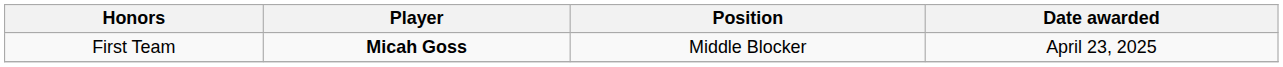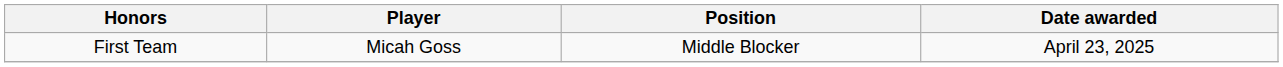 <table class="wikitable" style="width: 90%;text-align: center;">
 <tr>
 <th style=>Honors</th>
 <th style=>Player</th>
 <th style=>Position</th>
 <th style=>Date awarded</th>
 </tr>
 <tr align="center">
 <td rowspan="1">First Team</td>
-<td><strong>Micah Goss</strong></td>
+<td>Micah Goss</td>
 <td>Middle Blocker</td>
 <td>April 23, 2025</td>
 </tr>
 <tr>
 </tr>
 </table>
